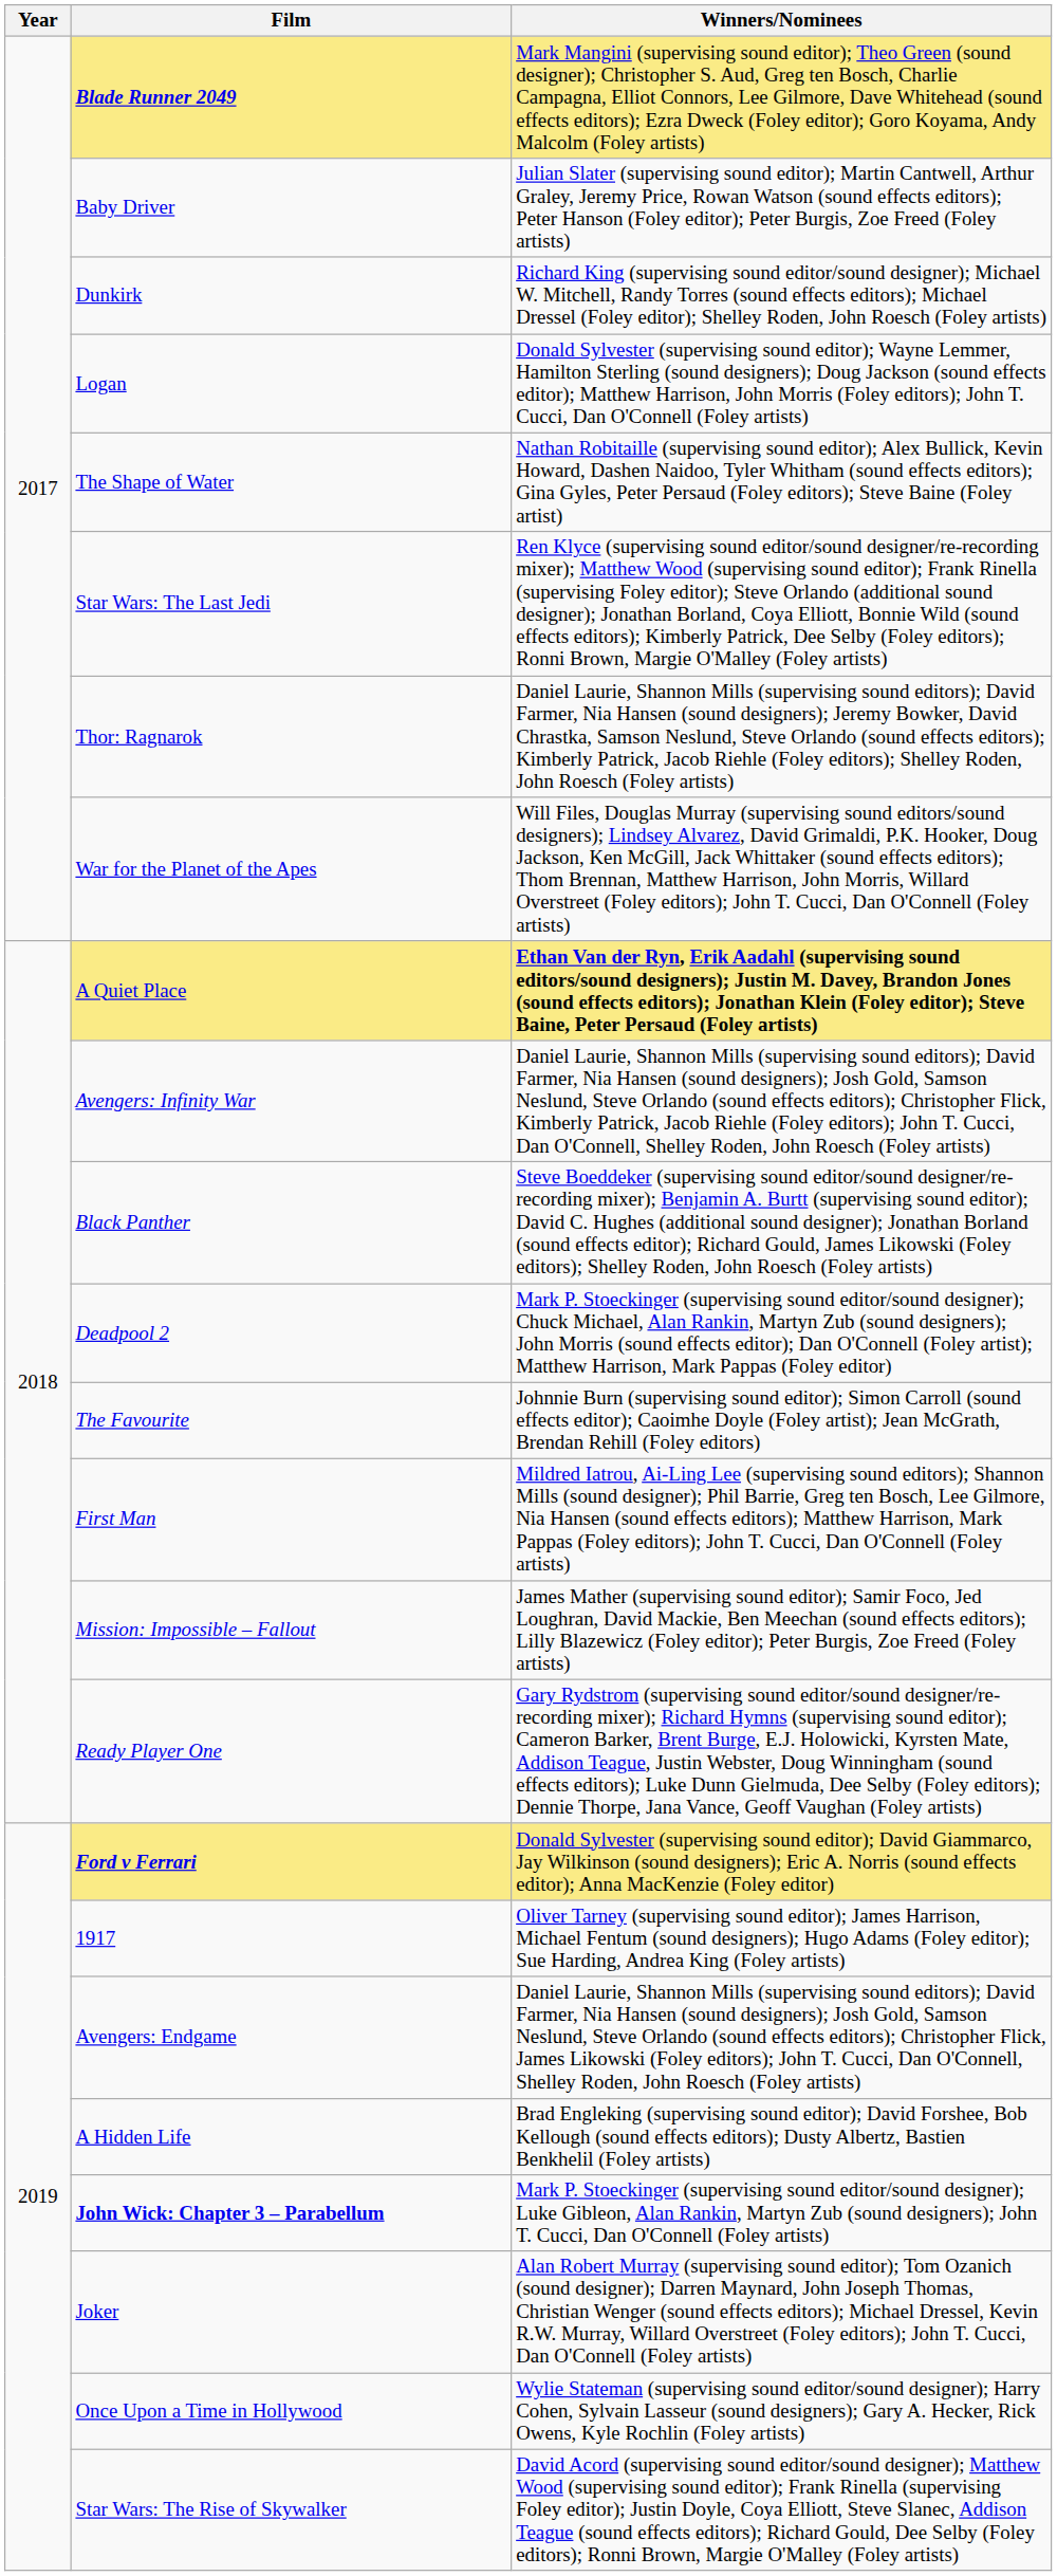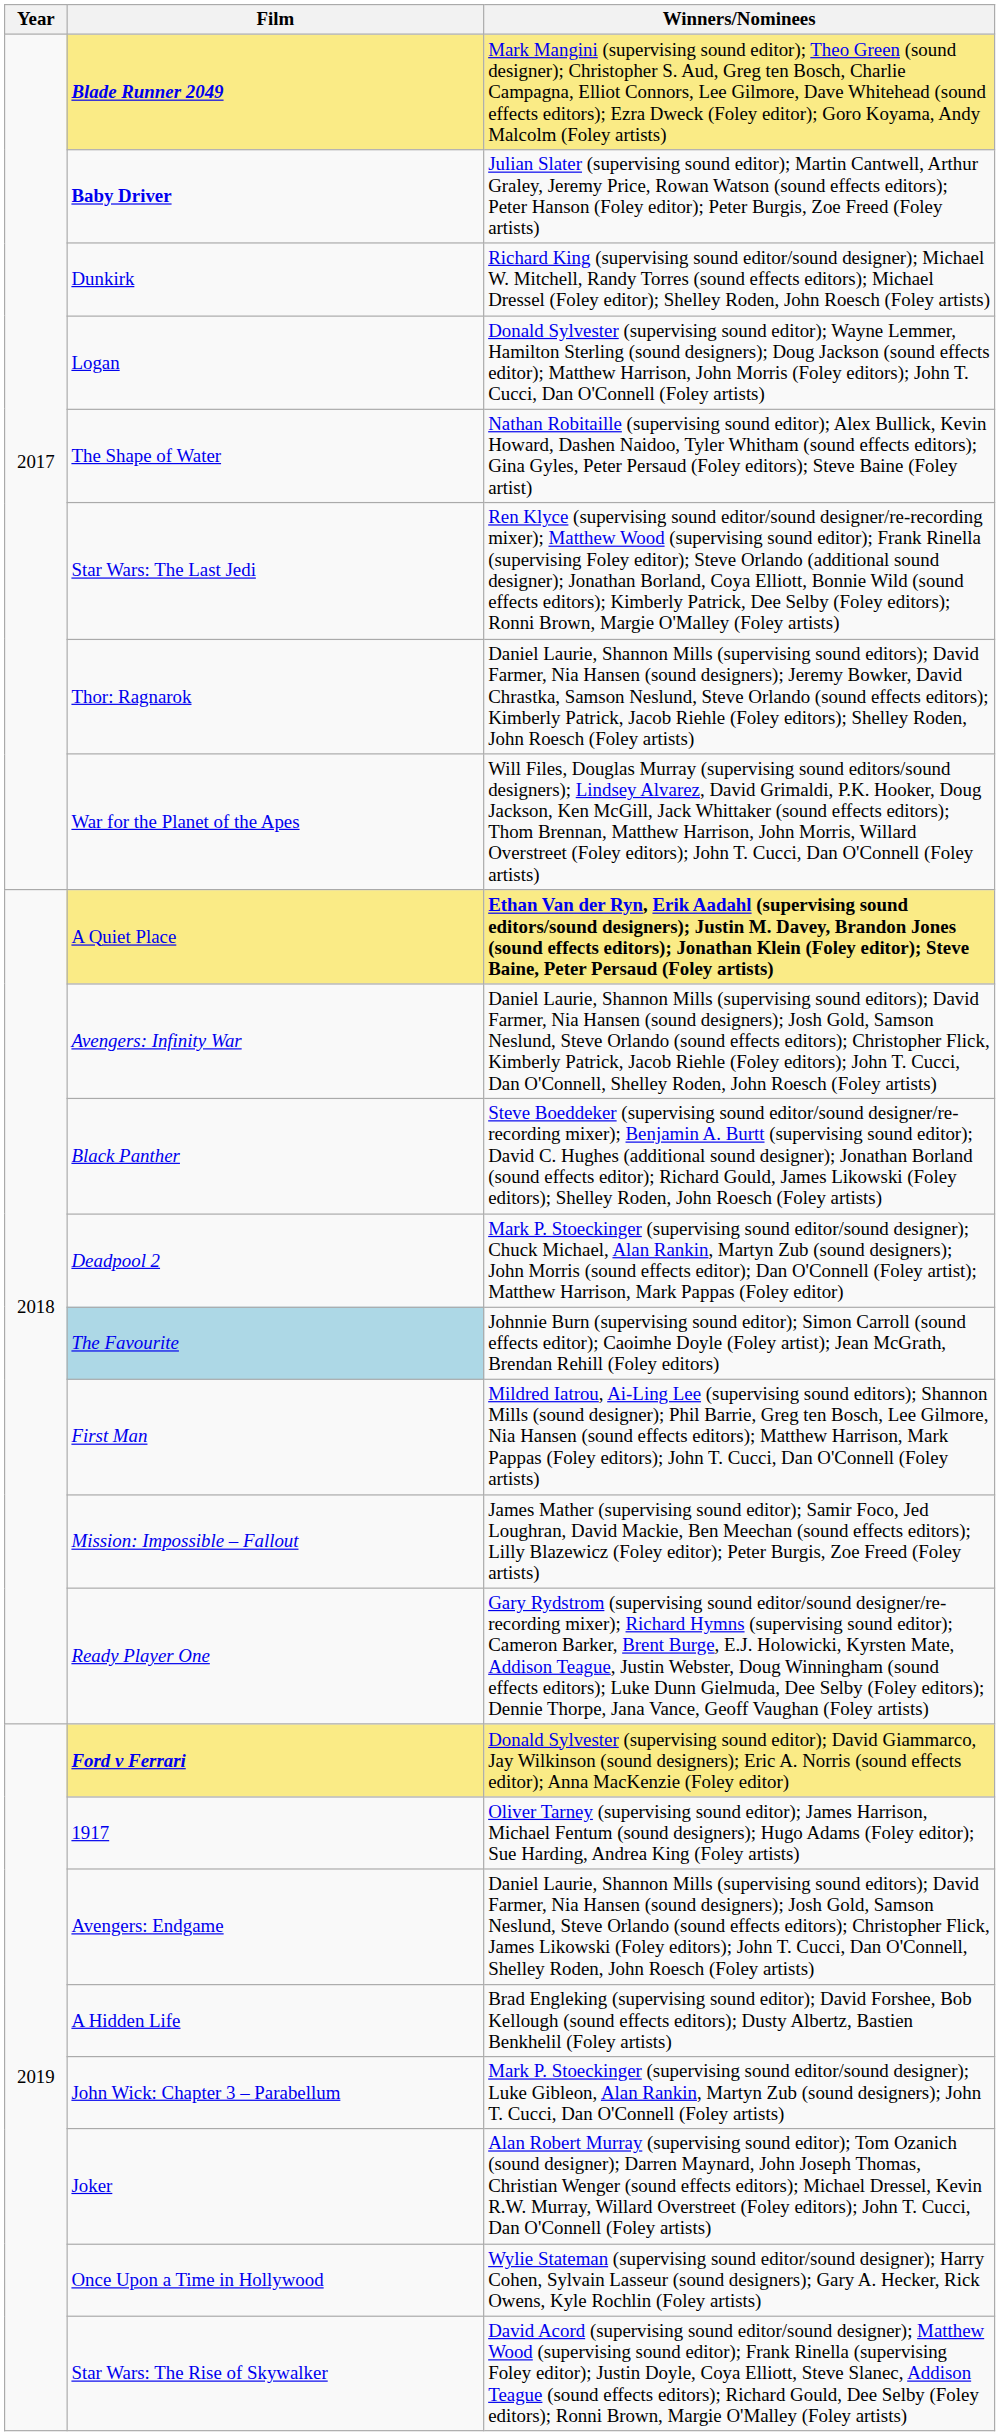 <table class="wikitable" width="95%" cellpadding="5">
 <tr>
 <th width="6%">Year</th>
 <th width="40%">Film</th>
 <th width="49%">Winners/Nominees</th>
 </tr>
 <tr>
 <td rowspan=8 style="text-align:center">2017<br></td>
 <td style="background:#FAEB86;"><strong><em><a href='#'>Blade Runner 2049</a><em> <strong></td>
 <td style="background:#FAEB86;"></strong><a href='#'>Mark Mangini</a> (supervising sound editor); <a href='#'>Theo Green</a> (sound designer); Christopher S. Aud, Greg ten Bosch, Charlie Campagna, Elliot Connors, Lee Gilmore, Dave Whitehead (sound effects editors); Ezra Dweck (Foley editor); Goro Koyama, Andy Malcolm (Foley artists)<strong></td>
 </tr>
 <tr>
-<td></em><a href='#'>Baby Driver</a><em></td>
+<td><strong></em><a href='#'>Baby Driver</a><em></strong></td>
 <td><a href='#'>Julian Slater</a> (supervising sound editor); Martin Cantwell, Arthur Graley, Jeremy Price, Rowan Watson (sound effects editors); Peter Hanson (Foley editor); Peter Burgis, Zoe Freed (Foley artists)</td>
 </tr>
 <tr>
 <td></em><a href='#'>Dunkirk</a><em></td>
 <td><a href='#'>Richard King</a> (supervising sound editor/sound designer); Michael W. Mitchell, Randy Torres (sound effects editors); Michael Dressel (Foley editor); Shelley Roden, John Roesch (Foley artists)</td>
 </tr>
 <tr>
 <td></em><a href='#'>Logan</a><em></td>
 <td><a href='#'>Donald Sylvester</a> (supervising sound editor); Wayne Lemmer, Hamilton Sterling (sound designers); Doug Jackson (sound effects editor); Matthew Harrison, John Morris (Foley editors); John T. Cucci, Dan O'Connell (Foley artists)</td>
 </tr>
 <tr>
 <td></em><a href='#'>The Shape of Water</a><em></td>
 <td><a href='#'>Nathan Robitaille</a> (supervising sound editor); Alex Bullick, Kevin Howard, Dashen Naidoo, Tyler Whitham (sound effects editors); Gina Gyles, Peter Persaud (Foley editors); Steve Baine (Foley artist)</td>
 </tr>
 <tr>
 <td></em><a href='#'>Star Wars: The Last Jedi</a><em></td>
 <td><a href='#'>Ren Klyce</a> (supervising sound editor/sound designer/re-recording mixer); <a href='#'>Matthew Wood</a> (supervising sound editor); Frank Rinella (supervising Foley editor); Steve Orlando (additional sound designer); Jonathan Borland, Coya Elliott, Bonnie Wild (sound effects editors); Kimberly Patrick, Dee Selby (Foley editors); Ronni Brown, Margie O'Malley (Foley artists)</td>
 </tr>
 <tr>
 <td></em><a href='#'>Thor: Ragnarok</a><em></td>
 <td>Daniel Laurie, Shannon Mills (supervising sound editors); David Farmer, Nia Hansen (sound designers); Jeremy Bowker, David Chrastka, Samson Neslund, Steve Orlando (sound effects editors); Kimberly Patrick, Jacob Riehle (Foley editors); Shelley Roden, John Roesch (Foley artists)</td>
 </tr>
 <tr>
 <td></em><a href='#'>War for the Planet of the Apes</a><em></td>
 <td>Will Files, Douglas Murray (supervising sound editors/sound designers); <a href='#'>Lindsey Alvarez</a>, David Grimaldi, P.K. Hooker, Doug Jackson, Ken McGill, Jack Whittaker (sound effects editors); Thom Brennan, Matthew Harrison, John Morris, Willard Overstreet (Foley editors); John T. Cucci, Dan O'Connell (Foley artists)</td>
 </tr>
 <tr>
 <td rowspan=8 style="text-align:center">2018<br></td>
 <td style="background:#FAEB86;"></em></strong><a href='#'>A Quiet Place</a></em> </strong></td>
 <td style="background:#FAEB86;"><strong><a href='#'>Ethan Van der Ryn</a>, <a href='#'>Erik Aadahl</a> (supervising sound editors/sound designers); Justin M. Davey, Brandon Jones (sound effects editors); Jonathan Klein (Foley editor); Steve Baine, Peter Persaud (Foley artists)</strong></td>
 </tr>
 <tr>
 <td><em><a href='#'>Avengers: Infinity War</a></em></td>
 <td>Daniel Laurie, Shannon Mills (supervising sound editors); David Farmer, Nia Hansen (sound designers); Josh Gold, Samson Neslund, Steve Orlando (sound effects editors); Christopher Flick, Kimberly Patrick, Jacob Riehle (Foley editors); John T. Cucci, Dan O'Connell, Shelley Roden, John Roesch (Foley artists)</td>
 </tr>
 <tr>
 <td><em><a href='#'>Black Panther</a></em></td>
 <td><a href='#'>Steve Boeddeker</a> (supervising sound editor/sound designer/re-recording mixer); <a href='#'>Benjamin A. Burtt</a> (supervising sound editor); David C. Hughes (additional sound designer); Jonathan Borland (sound effects editor); Richard Gould, James Likowski (Foley editors); Shelley Roden, John Roesch (Foley artists)</td>
 </tr>
 <tr>
 <td><em><a href='#'>Deadpool 2</a></em></td>
 <td><a href='#'>Mark P. Stoeckinger</a> (supervising sound editor/sound designer); Chuck Michael, <a href='#'>Alan Rankin</a>, Martyn Zub (sound designers); John Morris (sound effects editor); Dan O'Connell (Foley artist); Matthew Harrison, Mark Pappas (Foley editor)</td>
 </tr>
 <tr>
-<td><em><a href='#'>The Favourite</a></em></td>
+<td style="background: lightblue;"><em><a href='#'>The Favourite</a></em></td>
 <td>Johnnie Burn (supervising sound editor); Simon Carroll (sound effects editor); Caoimhe Doyle (Foley artist); Jean McGrath, Brendan Rehill (Foley editors)</td>
 </tr>
 <tr>
 <td><em><a href='#'>First Man</a></em></td>
 <td><a href='#'>Mildred Iatrou</a>, <a href='#'>Ai-Ling Lee</a> (supervising sound editors); Shannon Mills (sound designer); Phil Barrie, Greg ten Bosch, Lee Gilmore, Nia Hansen (sound effects editors); Matthew Harrison, Mark Pappas (Foley editors); John T. Cucci, Dan O'Connell (Foley artists)</td>
 </tr>
 <tr>
 <td><em><a href='#'>Mission: Impossible – Fallout</a></em></td>
 <td>James Mather (supervising sound editor); Samir Foco, Jed Loughran, David Mackie, Ben Meechan (sound effects editors); Lilly Blazewicz (Foley editor); Peter Burgis, Zoe Freed (Foley artists)</td>
 </tr>
 <tr>
 <td><em><a href='#'>Ready Player One</a></em></td>
 <td><a href='#'>Gary Rydstrom</a> (supervising sound editor/sound designer/re-recording mixer); <a href='#'>Richard Hymns</a> (supervising sound editor); Cameron Barker, <a href='#'>Brent Burge</a>, E.J. Holowicki, Kyrsten Mate, <a href='#'>Addison Teague</a>, Justin Webster, Doug Winningham (sound effects editors); Luke Dunn Gielmuda, Dee Selby (Foley editors); Dennie Thorpe, Jana Vance, Geoff Vaughan (Foley artists)</td>
 </tr>
 <tr>
 <td rowspan=8 style="text-align:center">2019<br></td>
 <td style="background:#FAEB86;"><strong><em><a href='#'>Ford v Ferrari</a><em> <strong></td>
 <td style="background:#FAEB86;"></strong><a href='#'>Donald Sylvester</a> (supervising sound editor); David Giammarco, Jay Wilkinson (sound designers); Eric A. Norris (sound effects editor); Anna MacKenzie (Foley editor)<strong></td>
 </tr>
 <tr>
 <td></em><a href='#'>1917</a><em></td>
 <td><a href='#'>Oliver Tarney</a> (supervising sound editor); James Harrison, Michael Fentum (sound designers); Hugo Adams (Foley editor); Sue Harding, Andrea King (Foley artists)</td>
 </tr>
 <tr>
 <td></em><a href='#'>Avengers: Endgame</a><em></td>
 <td>Daniel Laurie, Shannon Mills (supervising sound editors); David Farmer, Nia Hansen (sound designers); Josh Gold, Samson Neslund, Steve Orlando (sound effects editors); Christopher Flick, James Likowski (Foley editors); John T. Cucci, Dan O'Connell, Shelley Roden, John Roesch (Foley artists)</td>
 </tr>
 <tr>
 <td></em><a href='#'>A Hidden Life</a><em></td>
 <td>Brad Engleking (supervising sound editor); David Forshee, Bob Kellough (sound effects editors); Dusty Albertz, Bastien Benkhelil (Foley artists)</td>
 </tr>
 <tr>
-<td><strong></em><a href='#'>John Wick: Chapter 3 – Parabellum</a><em></strong></td>
+<td></em><a href='#'>John Wick: Chapter 3 – Parabellum</a><em></td>
 <td><a href='#'>Mark P. Stoeckinger</a> (supervising sound editor/sound designer); Luke Gibleon, <a href='#'>Alan Rankin</a>, Martyn Zub (sound designers); John T. Cucci, Dan O'Connell (Foley artists)</td>
 </tr>
 <tr>
 <td></em><a href='#'>Joker</a><em></td>
 <td><a href='#'>Alan Robert Murray</a> (supervising sound editor); Tom Ozanich (sound designer); Darren Maynard, John Joseph Thomas, Christian Wenger (sound effects editors); Michael Dressel, Kevin R.W. Murray, Willard Overstreet (Foley editors); John T. Cucci, Dan O'Connell (Foley artists)</td>
 </tr>
 <tr>
 <td></em><a href='#'>Once Upon a Time in Hollywood</a><em></td>
 <td><a href='#'>Wylie Stateman</a> (supervising sound editor/sound designer); Harry Cohen, Sylvain Lasseur (sound designers); Gary A. Hecker, Rick Owens, Kyle Rochlin (Foley artists)</td>
 </tr>
 <tr>
 <td></em><a href='#'>Star Wars: The Rise of Skywalker</a><em></td>
 <td><a href='#'>David Acord</a> (supervising sound editor/sound designer); <a href='#'>Matthew Wood</a> (supervising sound editor); Frank Rinella (supervising Foley editor); Justin Doyle, Coya Elliott, Steve Slanec, <a href='#'>Addison Teague</a> (sound effects editors); Richard Gould, Dee Selby (Foley editors); Ronni Brown, Margie O'Malley (Foley artists)</td>
 </tr>
 </table>
